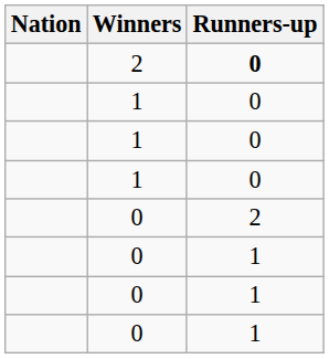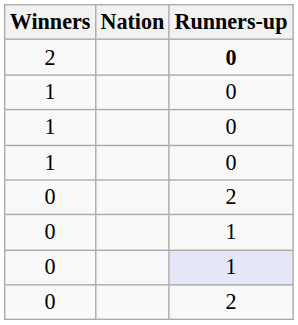 <table class="wikitable plainrowheaders sortable">
 <tr>
+<th scope="col">Winners</th>
 <th scope="col">Nation</th>
-<th scope="col">Winners</th>
 <th scope="col">Runners-up</th>
 </tr>
 <tr>
+<td align="center">2</td>
 <td scope="row"></td>
-<td align="center">2</td>
 <td align="center"><strong>0</strong></td>
 </tr>
 <tr>
+<td align="center">1</td>
 <td scope="row"></td>
-<td align="center">1</td>
 <td align="center">0</td>
 </tr>
 <tr>
+<td align="center">1</td>
 <td scope="row"></td>
-<td align="center">1</td>
 <td align="center">0</td>
 </tr>
 <tr>
+<td align="center">1</td>
 <td scope="row"></td>
-<td align="center">1</td>
 <td align="center">0</td>
 </tr>
 <tr>
+<td align="center">0</td>
 <td scope="row"></td>
-<td align="center">0</td>
 <td align="center">2</td>
 </tr>
 <tr>
+<td align="center">0</td>
 <td scope="row"></td>
-<td align="center">0</td>
 <td align="center">1</td>
 </tr>
 <tr>
+<td align="center">0</td>
 <td scope="row"></td>
-<td align="center">0</td>
-<td align="center">1</td>
+<td align="center" style="background: lavender;">1</td>
 </tr>
 <tr>
+<td align="center">0</td>
 <td scope="row"></td>
-<td align="center">0</td>
-<td align="center">1</td>
+<td align="center">2</td>
 </tr>
 </table>
